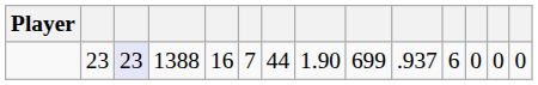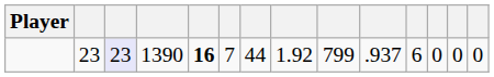 <table class="wikitable sortable" style="text-align:center;">
 <tr>
 <th>Player</th>
 <th></th>
 <th></th>
 <th></th>
 <th></th>
 <th></th>
 <th></th>
 <th></th>
 <th></th>
 <th></th>
 <th></th>
 <th></th>
 <th></th>
 <th></th>
 </tr>
 <tr>
 <td></td>
 <td>23</td>
 <td style="background: lavender;">23</td>
-<td>1388</td>
-<td>16</td>
+<td>1390</td>
+<td><strong>16</strong></td>
 <td>7</td>
 <td>44</td>
-<td>1.90</td>
-<td>699</td>
+<td>1.92</td>
+<td>799</td>
 <td>.937</td>
 <td>6</td>
 <td>0</td>
 <td>0</td>
 <td>0</td>
 </tr>
 </table>
